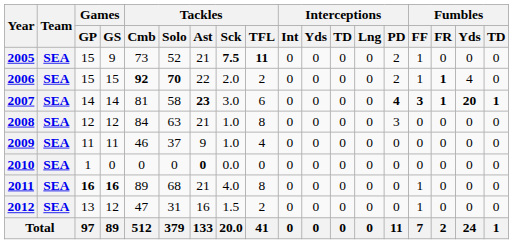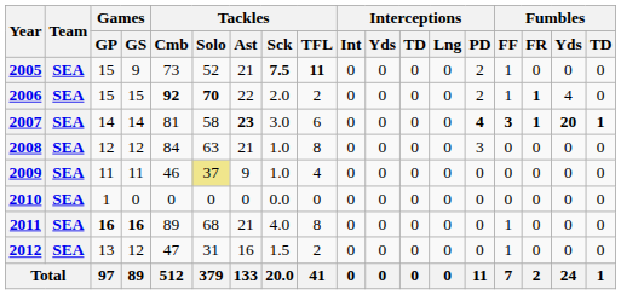 <table class="wikitable" style="text-align:center">
 <tr>
 <th rowspan="2">Year</th>
 <th rowspan="2">Team</th>
 <th colspan="2">Games</th>
 <th colspan="5">Tackles</th>
 <th colspan="5">Interceptions</th>
 <th colspan="4">Fumbles</th>
 </tr>
 <tr>
 <th>GP</th>
 <th>GS</th>
 <th>Cmb</th>
 <th>Solo</th>
 <th>Ast</th>
 <th>Sck</th>
 <th>TFL</th>
 <th>Int</th>
 <th>Yds</th>
 <th>TD</th>
 <th>Lng</th>
 <th>PD</th>
 <th>FF</th>
 <th>FR</th>
 <th>Yds</th>
 <th>TD</th>
 </tr>
 <tr>
 <th><a href='#'>2005</a></th>
 <th><a href='#'>SEA</a></th>
 <td>15</td>
 <td>9</td>
 <td>73</td>
 <td>52</td>
 <td>21</td>
 <td><strong>7.5</strong></td>
 <td><strong>11</strong></td>
 <td>0</td>
 <td>0</td>
 <td>0</td>
 <td>0</td>
 <td>2</td>
 <td>1</td>
 <td>0</td>
 <td>0</td>
 <td>0</td>
 </tr>
 <tr>
 <th><a href='#'>2006</a></th>
 <th><a href='#'>SEA</a></th>
 <td>15</td>
 <td>15</td>
 <td><strong>92</strong></td>
 <td><strong>70</strong></td>
 <td>22</td>
 <td>2.0</td>
 <td>2</td>
 <td>0</td>
 <td>0</td>
 <td>0</td>
 <td>0</td>
 <td>2</td>
 <td>1</td>
 <td><strong>1</strong></td>
 <td>4</td>
 <td>0</td>
 </tr>
 <tr>
 <th><a href='#'>2007</a></th>
 <th><a href='#'>SEA</a></th>
 <td>14</td>
 <td>14</td>
 <td>81</td>
 <td>58</td>
 <td><strong>23</strong></td>
 <td>3.0</td>
 <td>6</td>
 <td>0</td>
 <td>0</td>
 <td>0</td>
 <td>0</td>
 <td><strong>4</strong></td>
 <td><strong>3</strong></td>
 <td><strong>1</strong></td>
 <td><strong>20</strong></td>
 <td><strong>1</strong></td>
 </tr>
 <tr>
 <th><a href='#'>2008</a></th>
 <th><a href='#'>SEA</a></th>
 <td>12</td>
 <td>12</td>
 <td>84</td>
 <td>63</td>
 <td>21</td>
 <td>1.0</td>
 <td>8</td>
 <td>0</td>
 <td>0</td>
 <td>0</td>
 <td>0</td>
 <td>3</td>
 <td>0</td>
 <td>0</td>
 <td>0</td>
 <td>0</td>
 </tr>
 <tr>
 <th><a href='#'>2009</a></th>
 <th><a href='#'>SEA</a></th>
 <td>11</td>
 <td>11</td>
 <td>46</td>
-<td>37</td>
+<td style="background: khaki;">37</td>
 <td>9</td>
 <td>1.0</td>
 <td>4</td>
 <td>0</td>
 <td>0</td>
 <td>0</td>
 <td>0</td>
 <td>0</td>
 <td>0</td>
 <td>0</td>
 <td>0</td>
 <td>0</td>
 </tr>
 <tr>
 <th><a href='#'>2010</a></th>
 <th><a href='#'>SEA</a></th>
 <td>1</td>
 <td>0</td>
 <td>0</td>
 <td>0</td>
-<td><strong>0</strong></td>
+<td>0</td>
 <td>0.0</td>
 <td>0</td>
 <td>0</td>
 <td>0</td>
 <td>0</td>
 <td>0</td>
 <td>0</td>
 <td>0</td>
 <td>0</td>
 <td>0</td>
 <td>0</td>
 </tr>
 <tr>
 <th><a href='#'>2011</a></th>
 <th><a href='#'>SEA</a></th>
 <td><strong>16</strong></td>
 <td><strong>16</strong></td>
 <td>89</td>
 <td>68</td>
 <td>21</td>
 <td>4.0</td>
 <td>8</td>
 <td>0</td>
 <td>0</td>
 <td>0</td>
 <td>0</td>
 <td>0</td>
 <td>1</td>
 <td>0</td>
 <td>0</td>
 <td>0</td>
 </tr>
 <tr>
 <th><a href='#'>2012</a></th>
 <th><a href='#'>SEA</a></th>
 <td>13</td>
 <td>12</td>
 <td>47</td>
 <td>31</td>
 <td>16</td>
 <td>1.5</td>
 <td>2</td>
 <td>0</td>
 <td>0</td>
 <td>0</td>
 <td>0</td>
 <td>0</td>
 <td>1</td>
 <td>0</td>
 <td>0</td>
 <td>0</td>
 </tr>
 <tr>
 <th colspan="2">Total</th>
 <th>97</th>
 <th>89</th>
 <th>512</th>
 <th>379</th>
 <th>133</th>
 <th>20.0</th>
 <th>41</th>
 <th>0</th>
 <th>0</th>
 <th>0</th>
 <th>0</th>
 <th>11</th>
 <th>7</th>
 <th>2</th>
 <th>24</th>
 <th>1</th>
 </tr>
 </table>
